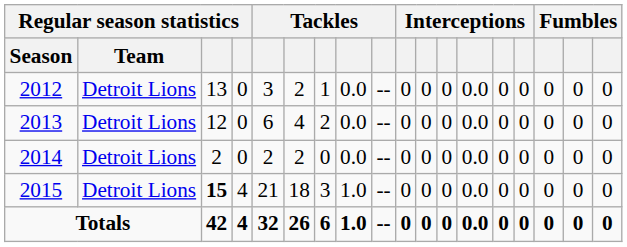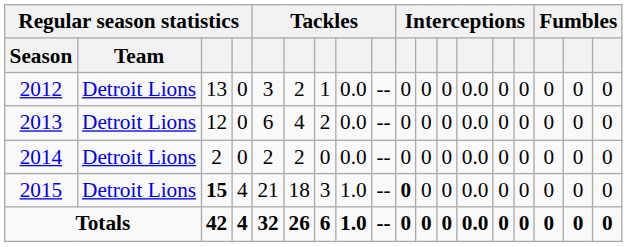 <table class="wikitable" style="text-align:center;">
 <tr>
 <th colspan="4">Regular season statistics</th>
 <th colspan="5">Tackles</th>
 <th colspan="6">Interceptions</th>
 <th colspan="3">Fumbles</th>
 </tr>
 <tr>
 <th>Season</th>
 <th>Team</th>
 <th></th>
 <th></th>
 <th></th>
 <th></th>
 <th></th>
 <th></th>
 <th></th>
 <th></th>
 <th></th>
 <th></th>
 <th></th>
 <th></th>
 <th></th>
 <th></th>
 <th></th>
 <th></th>
 </tr>
 <tr>
 <td><a href='#'>2012</a></td>
 <td><a href='#'>Detroit Lions</a></td>
 <td>13</td>
 <td>0</td>
 <td>3</td>
 <td>2</td>
 <td>1</td>
 <td>0.0</td>
 <td>--</td>
 <td>0</td>
 <td>0</td>
 <td>0</td>
 <td>0.0</td>
 <td>0</td>
 <td>0</td>
 <td>0</td>
 <td>0</td>
 <td>0</td>
 </tr>
 <tr>
 <td><a href='#'>2013</a></td>
 <td><a href='#'>Detroit Lions</a></td>
 <td>12</td>
 <td>0</td>
 <td>6</td>
 <td>4</td>
 <td>2</td>
 <td>0.0</td>
 <td>--</td>
 <td>0</td>
 <td>0</td>
 <td>0</td>
 <td>0.0</td>
 <td>0</td>
 <td>0</td>
 <td>0</td>
 <td>0</td>
 <td>0</td>
 </tr>
 <tr>
 <td><a href='#'>2014</a></td>
 <td><a href='#'>Detroit Lions</a></td>
 <td>2</td>
 <td>0</td>
 <td>2</td>
 <td>2</td>
 <td>0</td>
 <td>0.0</td>
 <td>--</td>
 <td>0</td>
 <td>0</td>
 <td>0</td>
 <td>0.0</td>
 <td>0</td>
 <td>0</td>
 <td>0</td>
 <td>0</td>
 <td>0</td>
 </tr>
 <tr>
 <td><a href='#'>2015</a></td>
 <td><a href='#'>Detroit Lions</a></td>
 <td><strong>15</strong></td>
 <td>4</td>
 <td>21</td>
 <td>18</td>
 <td>3</td>
 <td>1.0</td>
 <td>--</td>
-<td>0</td>
+<td><strong>0</strong></td>
 <td>0</td>
 <td>0</td>
 <td>0.0</td>
 <td>0</td>
 <td>0</td>
 <td>0</td>
 <td>0</td>
 <td>0</td>
 </tr>
 <tr>
 <td colspan="2"><strong>Totals</strong></td>
 <td><strong>42</strong></td>
 <td><strong>4</strong></td>
 <td><strong>32</strong></td>
 <td><strong>26</strong></td>
 <td><strong>6</strong></td>
 <td><strong>1.0</strong></td>
 <td><strong>--</strong></td>
 <td><strong>0</strong></td>
 <td><strong>0</strong></td>
 <td><strong>0</strong></td>
 <td><strong>0.0</strong></td>
 <td><strong>0</strong></td>
 <td><strong>0</strong></td>
 <td><strong>0</strong></td>
 <td><strong>0</strong></td>
 <td><strong>0</strong></td>
 </tr>
 </table>
